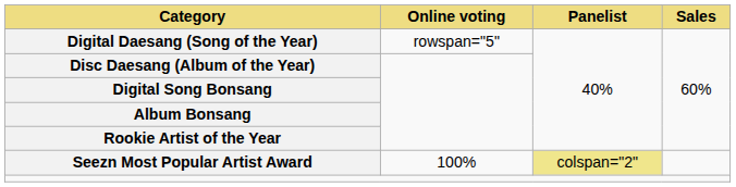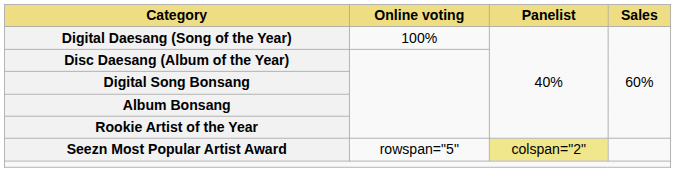 <table class="wikitable" style="text-align:center; width:60%">
 <tr>
 <th scope="col" style="background:#EEDD82">Category</th>
 <th scope="col" style="background:#EEDD82">Online voting</th>
 <th scope="col" style="background:#EEDD82">Panelist</th>
 <th scope="col" style="background:#EEDD82">Sales</th>
 </tr>
 <tr>
 <th scope="col">Digital Daesang (Song of the Year)</th>
-<td>rowspan="5" </td>
+<td>100%</td>
 <td rowspan="5">40%</td>
 <td rowspan="5">60%</td>
 </tr>
 <tr>
 <th scope="col">Disc Daesang (Album of the Year)</th>
 </tr>
 <tr>
 <th scope="col">Digital Song Bonsang</th>
 </tr>
 <tr>
 <th scope="col">Album Bonsang</th>
 </tr>
 <tr>
 <th scope="col">Rookie Artist of the Year</th>
 </tr>
 <tr>
 <th scope="col">Seezn Most Popular Artist Award</th>
-<td>100%</td>
+<td>rowspan="5" </td>
 <td style="background: khaki;">colspan="2" </td>
 </tr>
 <tr>
 <td colspan="4"></td>
 </tr>
 </table>
